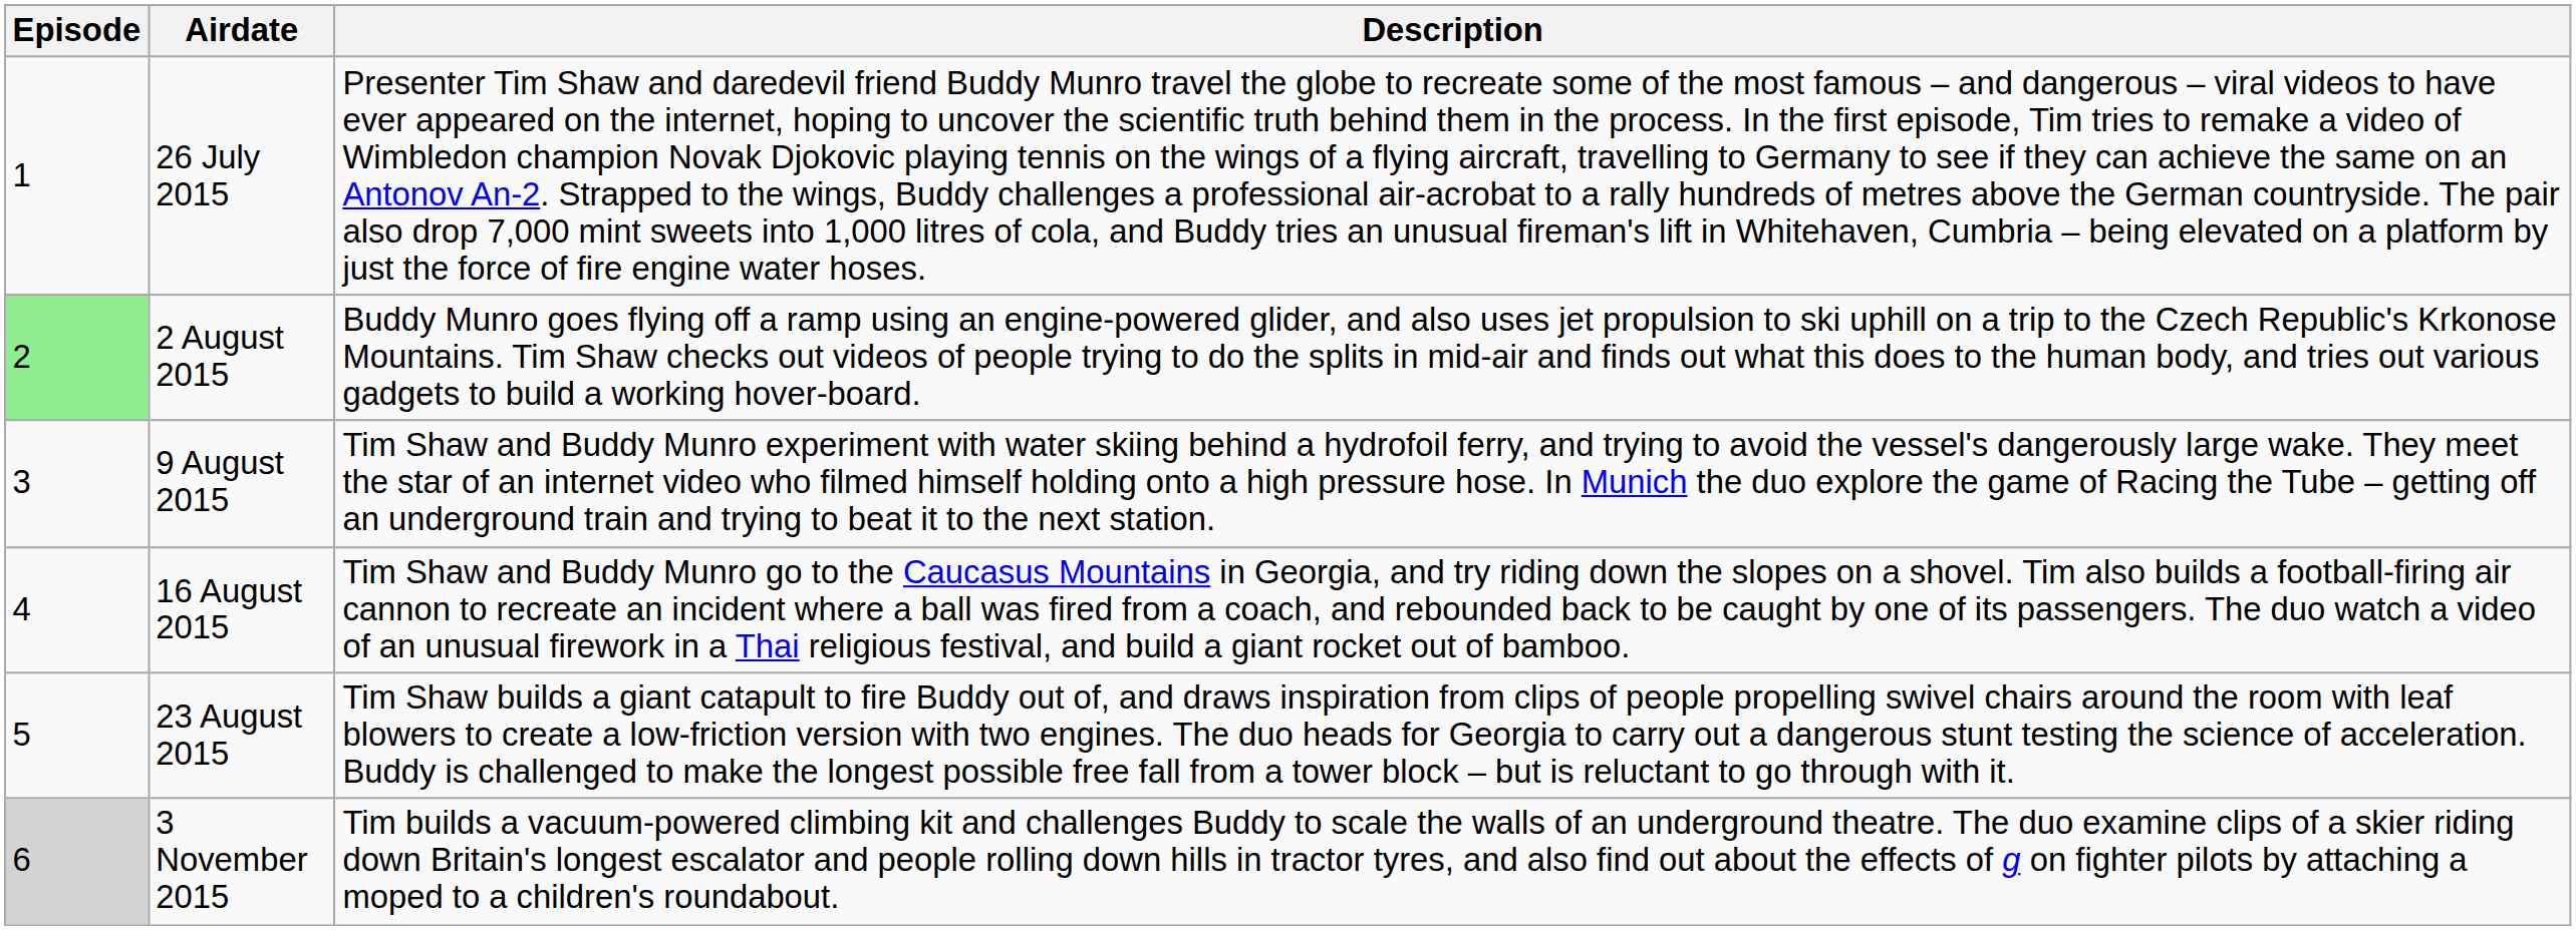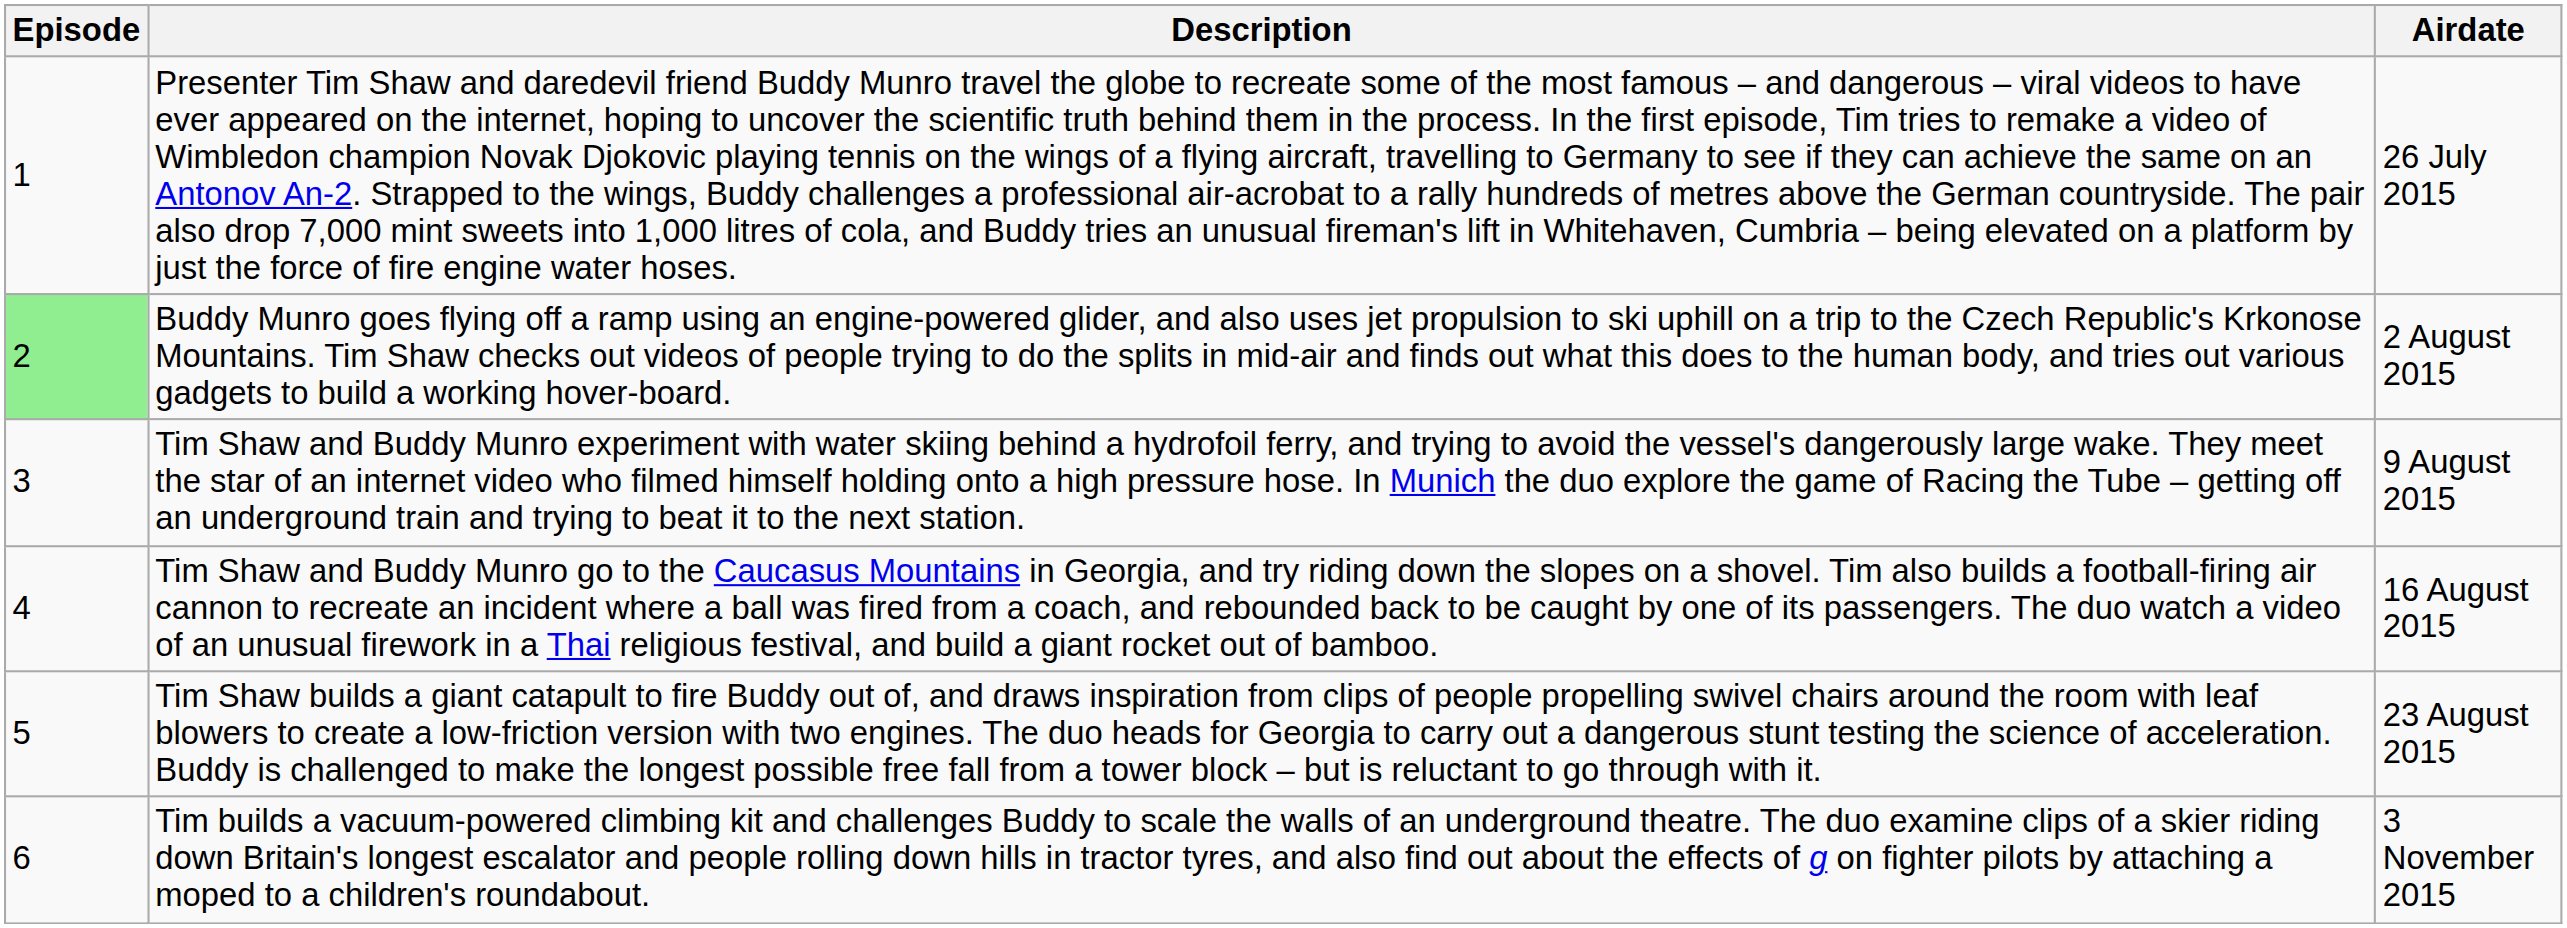 <table class="wikitable">
 <tr>
 <th>Episode</th>
+<th>Description</th>
 <th>Airdate</th>
-<th>Description</th>
 </tr>
 <tr>
 <td>1</td>
+<td>Presenter Tim Shaw and daredevil friend Buddy Munro travel the globe to recreate some of the most famous – and dangerous – viral videos to have ever appeared on the internet, hoping to uncover the scientific truth behind them in the process. In the first episode, Tim tries to remake a video of Wimbledon champion Novak Djokovic playing tennis on the wings of a flying aircraft, travelling to Germany to see if they can achieve the same on an <a href='#'>Antonov An-2</a>. Strapped to the wings, Buddy challenges a professional air-acrobat to a rally hundreds of metres above the German countryside. The pair also drop 7,000 mint sweets into 1,000 litres of cola, and Buddy tries an unusual fireman's lift in Whitehaven, Cumbria – being elevated on a platform by just the force of fire engine water hoses.</td>
 <td>26 July 2015</td>
-<td>Presenter Tim Shaw and daredevil friend Buddy Munro travel the globe to recreate some of the most famous – and dangerous – viral videos to have ever appeared on the internet, hoping to uncover the scientific truth behind them in the process. In the first episode, Tim tries to remake a video of Wimbledon champion Novak Djokovic playing tennis on the wings of a flying aircraft, travelling to Germany to see if they can achieve the same on an <a href='#'>Antonov An-2</a>. Strapped to the wings, Buddy challenges a professional air-acrobat to a rally hundreds of metres above the German countryside. The pair also drop 7,000 mint sweets into 1,000 litres of cola, and Buddy tries an unusual fireman's lift in Whitehaven, Cumbria – being elevated on a platform by just the force of fire engine water hoses.</td>
 </tr>
 <tr>
 <td style="background: lightgreen;">2</td>
+<td>Buddy Munro goes flying off a ramp using an engine-powered glider, and also uses jet propulsion to ski uphill on a trip to the Czech Republic's Krkonose Mountains. Tim Shaw checks out videos of people trying to do the splits in mid-air and finds out what this does to the human body, and tries out various gadgets to build a working hover-board.</td>
 <td>2 August 2015</td>
-<td>Buddy Munro goes flying off a ramp using an engine-powered glider, and also uses jet propulsion to ski uphill on a trip to the Czech Republic's Krkonose Mountains. Tim Shaw checks out videos of people trying to do the splits in mid-air and finds out what this does to the human body, and tries out various gadgets to build a working hover-board.</td>
 </tr>
 <tr>
 <td>3</td>
+<td>Tim Shaw and Buddy Munro experiment with water skiing behind a hydrofoil ferry, and trying to avoid the vessel's dangerously large wake. They meet the star of an internet video who filmed himself holding onto a high pressure hose. In <a href='#'>Munich</a> the duo explore the game of Racing the Tube – getting off an underground train and trying to beat it to the next station.</td>
 <td>9 August 2015</td>
-<td>Tim Shaw and Buddy Munro experiment with water skiing behind a hydrofoil ferry, and trying to avoid the vessel's dangerously large wake. They meet the star of an internet video who filmed himself holding onto a high pressure hose. In <a href='#'>Munich</a> the duo explore the game of Racing the Tube – getting off an underground train and trying to beat it to the next station.</td>
 </tr>
 <tr>
 <td>4</td>
+<td>Tim Shaw and Buddy Munro go to the <a href='#'>Caucasus Mountains</a> in Georgia, and try riding down the slopes on a shovel. Tim also builds a football-firing air cannon to recreate an incident where a ball was fired from a coach, and rebounded back to be caught by one of its passengers. The duo watch a video of an unusual firework in a <a href='#'>Thai</a> religious festival, and build a giant rocket out of bamboo.</td>
 <td>16 August 2015</td>
-<td>Tim Shaw and Buddy Munro go to the <a href='#'>Caucasus Mountains</a> in Georgia, and try riding down the slopes on a shovel. Tim also builds a football-firing air cannon to recreate an incident where a ball was fired from a coach, and rebounded back to be caught by one of its passengers. The duo watch a video of an unusual firework in a <a href='#'>Thai</a> religious festival, and build a giant rocket out of bamboo.</td>
 </tr>
 <tr>
 <td>5</td>
+<td>Tim Shaw builds a giant catapult to fire Buddy out of, and draws inspiration from clips of people propelling swivel chairs around the room with leaf blowers to create a low-friction version with two engines. The duo heads for Georgia to carry out a dangerous stunt testing the science of acceleration. Buddy is challenged to make the longest possible free fall from a tower block – but is reluctant to go through with it.</td>
 <td>23 August 2015</td>
-<td>Tim Shaw builds a giant catapult to fire Buddy out of, and draws inspiration from clips of people propelling swivel chairs around the room with leaf blowers to create a low-friction version with two engines. The duo heads for Georgia to carry out a dangerous stunt testing the science of acceleration. Buddy is challenged to make the longest possible free fall from a tower block – but is reluctant to go through with it.</td>
 </tr>
 <tr>
-<td style="background: lightgrey;">6</td>
+<td>6</td>
+<td>Tim builds a vacuum-powered climbing kit and challenges Buddy to scale the walls of an underground theatre. The duo examine clips of a skier riding down Britain's longest escalator and people rolling down hills in tractor tyres, and also find out about the effects of <em><a href='#'>g</a></em> on fighter pilots by attaching a moped to a children's roundabout.</td>
 <td>3 November 2015</td>
-<td>Tim builds a vacuum-powered climbing kit and challenges Buddy to scale the walls of an underground theatre. The duo examine clips of a skier riding down Britain's longest escalator and people rolling down hills in tractor tyres, and also find out about the effects of <em><a href='#'>g</a></em> on fighter pilots by attaching a moped to a children's roundabout.</td>
 </tr>
 </table>
